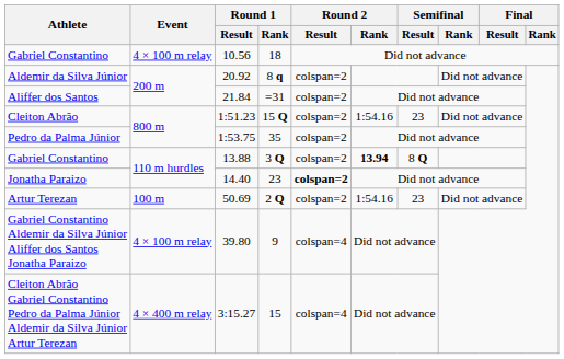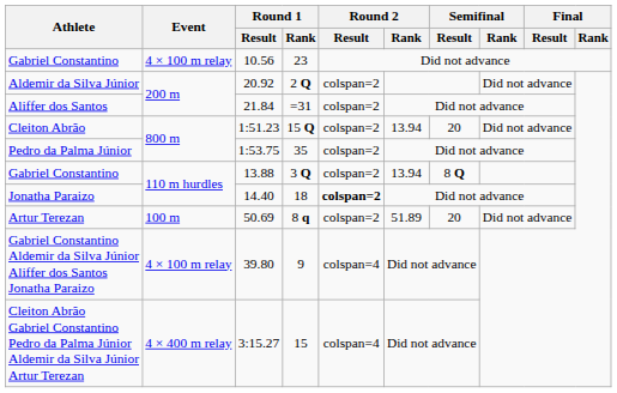 <table class="wikitable" style="font-size:90%">
 <tr>
 <th rowspan="2">Athlete</th>
 <th rowspan="2">Event</th>
 <th colspan="2">Round 1</th>
 <th colspan="2">Round 2</th>
 <th colspan="2">Semifinal</th>
 <th colspan="2">Final</th>
 </tr>
 <tr style="font-size:95%">
 <th>Result</th>
 <th>Rank</th>
 <th>Result</th>
 <th>Rank</th>
 <th>Result</th>
 <th>Rank</th>
 <th>Result</th>
 <th>Rank</th>
 </tr>
 <tr align=center>
 <td align=left><a href='#'>Gabriel Constantino</a></td>
 <td align=left><a href='#'>4 × 100 m relay</a></td>
 <td>10.56</td>
-<td>18</td>
+<td>23</td>
 <td colspan=6>Did not advance</td>
 </tr>
 <tr align=center>
 <td align=left><a href='#'>Aldemir da Silva Júnior</a></td>
 <td align=left rowspan=2><a href='#'>200 m</a></td>
 <td>20.92</td>
-<td>8 <strong>q</strong></td>
+<td>2 <strong>Q</strong></td>
 <td>colspan=2 </td>
 <td colspan=2></td>
 <td colspan=2>Did not advance</td>
 </tr>
 <tr align=center>
 <td align=left><a href='#'>Aliffer dos Santos</a></td>
 <td>21.84</td>
 <td>=31</td>
 <td>colspan=2 </td>
 <td colspan=4>Did not advance</td>
 </tr>
 <tr align=center>
 <td align=left><a href='#'>Cleiton Abrão</a></td>
 <td align=left rowspan=2><a href='#'>800 m</a></td>
 <td>1:51.23</td>
 <td>15 <strong>Q</strong></td>
 <td>colspan=2 </td>
-<td>1:54.16</td>
-<td>23</td>
+<td>13.94</td>
+<td>20</td>
 <td colspan=2>Did not advance</td>
 </tr>
 <tr align=center>
 <td align=left><a href='#'>Pedro da Palma Júnior</a></td>
 <td>1:53.75</td>
 <td>35</td>
 <td>colspan=2 </td>
 <td colspan=4>Did not advance</td>
 </tr>
 <tr align=center>
 <td align=left><a href='#'>Gabriel Constantino</a></td>
 <td align=left rowspan=2><a href='#'>110 m hurdles</a></td>
 <td>13.88</td>
 <td>3 <strong>Q</strong></td>
 <td>colspan=2 </td>
-<td><strong>13.94</strong></td>
+<td>13.94</td>
 <td>8 <strong>Q</strong></td>
 <td colspan=2></td>
 </tr>
 <tr align=center>
 <td align=left><a href='#'>Jonatha Paraizo</a></td>
 <td>14.40</td>
-<td>23</td>
+<td>18</td>
 <td><strong>colspan=2 </strong></td>
 <td colspan=4>Did not advance</td>
 </tr>
 <tr align=center>
 <td align=left><a href='#'>Artur Terezan</a></td>
 <td align=left><a href='#'>100 m</a></td>
 <td>50.69</td>
-<td>2 <strong>Q</strong></td>
+<td>8 <strong>q</strong></td>
 <td>colspan=2 </td>
-<td>1:54.16</td>
-<td>23</td>
+<td>51.89</td>
+<td>20</td>
 <td colspan=2>Did not advance</td>
 </tr>
 <tr align=center>
 <td align=left><a href='#'>Gabriel Constantino</a><br><a href='#'>Aldemir da Silva Júnior</a><br><a href='#'>Aliffer dos Santos</a><br><a href='#'>Jonatha Paraizo</a></td>
 <td align=left><a href='#'>4 × 100 m relay</a></td>
 <td>39.80</td>
 <td>9</td>
 <td>colspan=4 </td>
 <td colspan=2>Did not advance</td>
 </tr>
 <tr align=center>
 <td align=left><a href='#'>Cleiton Abrão</a><br><a href='#'>Gabriel Constantino</a><br><a href='#'>Pedro da Palma Júnior</a><br><a href='#'>Aldemir da Silva Júnior</a><br><a href='#'>Artur Terezan</a></td>
 <td align=left><a href='#'>4 × 400 m relay</a></td>
 <td>3:15.27</td>
 <td>15</td>
 <td>colspan=4 </td>
 <td colspan=2>Did not advance</td>
 </tr>
 </table>
